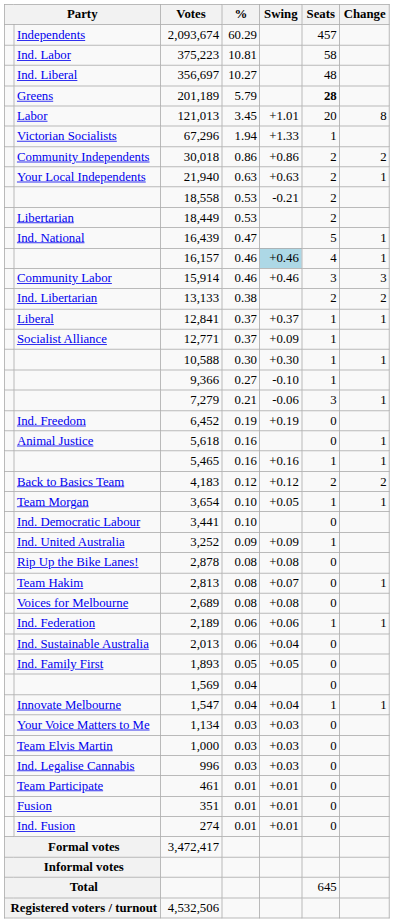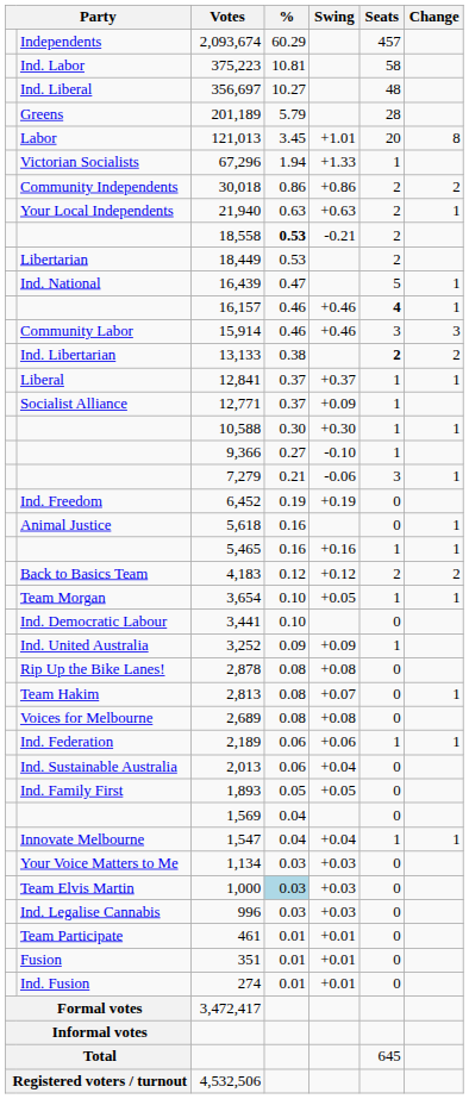 <table class="wikitable" style="text-align:right; margin-bottom:0">
 <tr>
 <th style="width:10px;" colspan=3>Party</th>
 <th style="width:70px;">Votes</th>
 <th style="width:40px;">%</th>
 <th style="width:40px;">Swing</th>
 <th style="width:40px;">Seats</th>
 <th style="width:40px;">Change</th>
 </tr>
 <tr>
 <td> </td>
 <td colspan="2" style="text-align:left;"><a href='#'>Independents</a></td>
 <td style="width:70px;">2,093,674</td>
 <td style="width:40px;">60.29</td>
 <td style="width:45px;"></td>
 <td style="width:40px;">457</td>
 <td style="width:55px;"></td>
 </tr>
 <tr>
 <td> </td>
 <td colspan="2" style="text-align:left;"><a href='#'>Ind. Labor</a></td>
 <td>375,223</td>
 <td>10.81</td>
 <td></td>
 <td>58</td>
 <td></td>
 </tr>
 <tr>
 <td> </td>
 <td colspan="2" style="text-align:left;"><a href='#'>Ind. Liberal</a></td>
 <td>356,697</td>
 <td>10.27</td>
 <td></td>
 <td>48</td>
 <td></td>
 </tr>
 <tr>
 <td> </td>
 <td colspan="2" style="text-align:left;"><a href='#'>Greens</a></td>
 <td>201,189</td>
 <td>5.79</td>
 <td></td>
-<td><strong>28</strong></td>
+<td>28</td>
 <td></td>
 </tr>
 <tr>
 <td> </td>
 <td colspan="2" style="text-align:left;"><a href='#'>Labor</a></td>
 <td>121,013</td>
 <td>3.45</td>
 <td>+1.01</td>
 <td>20</td>
 <td> 8</td>
 </tr>
 <tr>
 <td> </td>
 <td colspan="2" style="text-align:left;"><a href='#'>Victorian Socialists</a></td>
 <td>67,296</td>
 <td>1.94</td>
 <td>+1.33</td>
 <td>1</td>
 <td></td>
 </tr>
 <tr>
 <td> </td>
 <td colspan="2" style="text-align:left;"><a href='#'>Community Independents</a> </td>
 <td>30,018</td>
 <td>0.86</td>
 <td>+0.86</td>
 <td>2</td>
 <td> 2</td>
 </tr>
 <tr>
 <td> </td>
 <td colspan="2" style="text-align:left;"><a href='#'>Your Local Independents</a> </td>
 <td>21,940</td>
 <td>0.63</td>
 <td>+0.63</td>
 <td>2</td>
 <td> 1</td>
 </tr>
 <tr>
 <td> </td>
 <td colspan="2" style="text-align:left;"> </td>
 <td>18,558</td>
-<td>0.53</td>
+<td><strong>0.53</strong></td>
 <td>-0.21</td>
 <td>2</td>
 <td></td>
 </tr>
 <tr>
 <td> </td>
 <td colspan="2" style="text-align:left;"><a href='#'>Libertarian</a></td>
 <td>18,449</td>
 <td>0.53</td>
 <td></td>
 <td>2</td>
 <td></td>
 </tr>
 <tr>
 <td> </td>
 <td colspan="2" style="text-align:left;"><a href='#'>Ind. National</a></td>
 <td>16,439</td>
 <td>0.47</td>
 <td></td>
 <td>5</td>
 <td> 1</td>
 </tr>
 <tr>
 <td> </td>
 <td colspan="2" style="text-align:left;"> </td>
 <td>16,157</td>
 <td>0.46</td>
-<td style="background: lightblue;">+0.46</td>
-<td>4</td>
+<td>+0.46</td>
+<td><strong>4</strong></td>
 <td> 1</td>
 </tr>
 <tr>
 <td> </td>
 <td colspan="2" style="text-align:left;"><a href='#'>Community Labor</a> </td>
 <td>15,914</td>
 <td>0.46</td>
 <td>+0.46</td>
 <td>3</td>
 <td> 3</td>
 </tr>
 <tr>
 <td> </td>
 <td colspan="2" style="text-align:left;"><a href='#'>Ind. Libertarian</a></td>
 <td>13,133</td>
 <td>0.38</td>
 <td></td>
-<td>2</td>
+<td><strong>2</strong></td>
 <td> 2</td>
 </tr>
 <tr>
 <td> </td>
 <td colspan="2" style="text-align:left;"><a href='#'>Liberal</a></td>
 <td>12,841</td>
 <td>0.37</td>
 <td>+0.37</td>
 <td>1</td>
 <td> 1</td>
 </tr>
 <tr>
 <td> </td>
 <td colspan="2" style="text-align:left;"><a href='#'>Socialist Alliance</a></td>
 <td>12,771</td>
 <td>0.37</td>
 <td>+0.09</td>
 <td>1</td>
 <td></td>
 </tr>
 <tr>
 <td> </td>
 <td colspan="2" style="text-align:left;"> </td>
 <td>10,588</td>
 <td>0.30</td>
 <td>+0.30</td>
 <td>1</td>
 <td> 1</td>
 </tr>
 <tr>
 <td> </td>
 <td colspan="2" style="text-align:left;"> </td>
 <td>9,366</td>
 <td>0.27</td>
 <td>-0.10</td>
 <td>1</td>
 <td></td>
 </tr>
 <tr>
 <td> </td>
 <td colspan="2" style="text-align:left;"> </td>
 <td>7,279</td>
 <td>0.21</td>
 <td>-0.06</td>
 <td>3</td>
 <td> 1</td>
 </tr>
 <tr>
 <td> </td>
 <td colspan="2" style="text-align:left;"><a href='#'>Ind. Freedom</a></td>
 <td>6,452</td>
 <td>0.19</td>
 <td>+0.19</td>
 <td>0</td>
 <td></td>
 </tr>
 <tr>
 <td> </td>
 <td colspan="2" style="text-align:left;"><a href='#'>Animal Justice</a></td>
 <td>5,618</td>
 <td>0.16</td>
 <td></td>
 <td>0</td>
 <td> 1</td>
 </tr>
 <tr>
 <td> </td>
 <td colspan="2" style="text-align:left;"> </td>
 <td>5,465</td>
 <td>0.16</td>
 <td>+0.16</td>
 <td>1</td>
 <td> 1</td>
 </tr>
 <tr>
 <td> </td>
 <td colspan="2" style="text-align:left;"><a href='#'>Back to Basics Team</a> </td>
 <td>4,183</td>
 <td>0.12</td>
 <td>+0.12</td>
 <td>2</td>
 <td> 2</td>
 </tr>
 <tr>
 <td> </td>
 <td colspan="2" style="text-align:left;"><a href='#'>Team Morgan</a> </td>
 <td>3,654</td>
 <td>0.10</td>
 <td>+0.05</td>
 <td>1</td>
 <td> 1</td>
 </tr>
 <tr>
 <td> </td>
 <td colspan="2" style="text-align:left;"><a href='#'>Ind. Democratic Labour</a></td>
 <td>3,441</td>
 <td>0.10</td>
 <td></td>
 <td>0</td>
 <td></td>
 </tr>
 <tr>
 <td> </td>
 <td colspan="2" style="text-align:left;"><a href='#'>Ind. United Australia</a></td>
 <td>3,252</td>
 <td>0.09</td>
 <td>+0.09</td>
 <td>1</td>
 <td></td>
 </tr>
 <tr>
 <td> </td>
 <td colspan="2" style="text-align:left;"><a href='#'>Rip Up the Bike Lanes!</a> </td>
 <td>2,878</td>
 <td>0.08</td>
 <td>+0.08</td>
 <td>0</td>
 <td></td>
 </tr>
 <tr>
 <td> </td>
 <td colspan="2" style="text-align:left;"><a href='#'>Team Hakim</a> </td>
 <td>2,813</td>
 <td>0.08</td>
 <td>+0.07</td>
 <td>0</td>
 <td> 1</td>
 </tr>
 <tr>
 <td> </td>
 <td colspan="2" style="text-align:left;"><a href='#'>Voices for Melbourne</a> </td>
 <td>2,689</td>
 <td>0.08</td>
 <td>+0.08</td>
 <td>0</td>
 <td></td>
 </tr>
 <tr>
 <td> </td>
 <td colspan="2" style="text-align:left;"><a href='#'>Ind. Federation</a></td>
 <td>2,189</td>
 <td>0.06</td>
 <td>+0.06</td>
 <td>1</td>
 <td> 1</td>
 </tr>
 <tr>
 <td> </td>
 <td colspan="2" style="text-align:left;"><a href='#'>Ind. Sustainable Australia</a></td>
 <td>2,013</td>
 <td>0.06</td>
 <td>+0.04</td>
 <td>0</td>
 <td></td>
 </tr>
 <tr>
 <td> </td>
 <td colspan="2" style="text-align:left;"><a href='#'>Ind. Family First</a></td>
 <td>1,893</td>
 <td>0.05</td>
 <td>+0.05</td>
 <td>0</td>
 <td></td>
 </tr>
 <tr>
 <td> </td>
 <td colspan="2" style="text-align:left;"></td>
 <td>1,569</td>
 <td>0.04</td>
 <td></td>
 <td>0</td>
 <td></td>
 </tr>
 <tr>
 <td> </td>
 <td colspan="2" style="text-align:left;"><a href='#'>Innovate Melbourne</a> </td>
 <td>1,547</td>
 <td>0.04</td>
 <td>+0.04</td>
 <td>1</td>
 <td> 1</td>
 </tr>
 <tr>
 <td> </td>
 <td colspan="2" style="text-align:left;"><a href='#'>Your Voice Matters to Me</a> </td>
 <td>1,134</td>
 <td>0.03</td>
 <td>+0.03</td>
 <td>0</td>
 <td></td>
 </tr>
 <tr>
 <td> </td>
 <td colspan="2" style="text-align:left;"><a href='#'>Team Elvis Martin</a> </td>
 <td>1,000</td>
-<td>0.03</td>
+<td style="background: lightblue;">0.03</td>
 <td>+0.03</td>
 <td>0</td>
 <td></td>
 </tr>
 <tr>
 <td> </td>
 <td colspan="2" style="text-align:left;"><a href='#'>Ind. Legalise Cannabis</a></td>
 <td>996</td>
 <td>0.03</td>
 <td>+0.03</td>
 <td>0</td>
 <td></td>
 </tr>
 <tr>
 <td> </td>
 <td colspan="2" style="text-align:left;"><a href='#'>Team Participate</a> </td>
 <td>461</td>
 <td>0.01</td>
 <td>+0.01</td>
 <td>0</td>
 <td></td>
 </tr>
 <tr>
 <td> </td>
 <td colspan="2" style="text-align:left;"><a href='#'>Fusion</a></td>
 <td>351</td>
 <td>0.01</td>
 <td>+0.01</td>
 <td>0</td>
 <td></td>
 </tr>
 <tr>
 <td> </td>
 <td colspan="2" style="text-align:left;"><a href='#'>Ind. Fusion</a></td>
 <td>274</td>
 <td>0.01</td>
 <td>+0.01</td>
 <td>0</td>
 <td></td>
 </tr>
 <tr>
 <th colspan="3"> Formal votes</th>
 <td>3,472,417</td>
 <td></td>
 <td></td>
 <td></td>
 <td></td>
 </tr>
 <tr>
 <th colspan="3"> Informal votes</th>
 <td></td>
 <td></td>
 <td></td>
 <td></td>
 <td></td>
 </tr>
 <tr>
 <th colspan="3"> Total</th>
 <td></td>
 <td></td>
 <td></td>
 <td>645</td>
 <td></td>
 </tr>
 <tr>
 <th colspan="3"> Registered voters / turnout</th>
 <td>4,532,506</td>
 <td></td>
 <td></td>
 <td></td>
 <td></td>
 </tr>
 </table>
